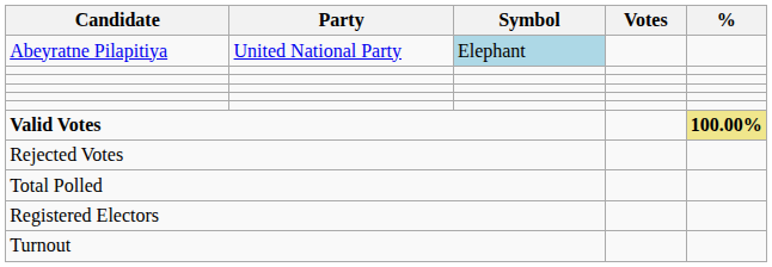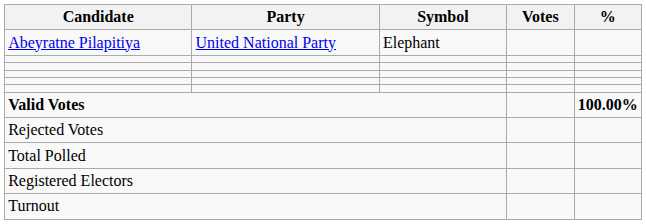 <table class="wikitable" border="1" style="text-align:right;">
 <tr>
 <th align=left width="180">Candidate</th>
 <th align=left width="180">Party</th>
 <th align=left width="120">Symbol</th>
 <th align=left width="60">Votes</th>
 <th align=left width="60">%</th>
 </tr>
 <tr>
 <td align=left><a href='#'>Abeyratne Pilapitiya</a></td>
 <td align=left><a href='#'>United National Party</a></td>
-<td align=left style="background: lightblue;">Elephant</td>
+<td align=left>Elephant</td>
 <td></td>
 <td></td>
 </tr>
 <tr>
 <td align=left></td>
 <td align=left></td>
 <td></td>
 <td></td>
 <td></td>
 </tr>
 <tr>
 <td align=left></td>
 <td align=left></td>
 <td></td>
 <td></td>
 <td></td>
 </tr>
 <tr>
 <td align=left></td>
 <td align=left></td>
 <td></td>
 <td></td>
 <td></td>
 </tr>
 <tr>
 <td align=left></td>
 <td align=left></td>
 <td></td>
 <td></td>
 <td></td>
 </tr>
 <tr>
 <td align=left></td>
 <td align=left></td>
 <td></td>
 <td></td>
 <td></td>
 </tr>
 <tr>
 <td align=left colspan=3><strong>Valid Votes</strong></td>
 <td><strong> </strong></td>
-<td style="background: khaki;"><strong>100.00%</strong></td>
+<td><strong>100.00%</strong></td>
 </tr>
 <tr>
 <td align=left colspan=3>Rejected Votes</td>
 <td></td>
 <td></td>
 </tr>
 <tr>
 <td align=left colspan=3>Total Polled</td>
 <td></td>
 <td></td>
 </tr>
 <tr>
 <td align=left colspan=3>Registered Electors</td>
 <td></td>
 <td></td>
 </tr>
 <tr>
 <td align=left colspan=3>Turnout</td>
 <td></td>
 </tr>
 </table>
